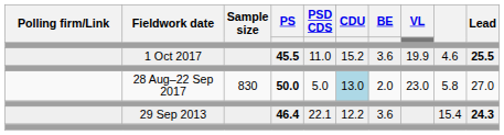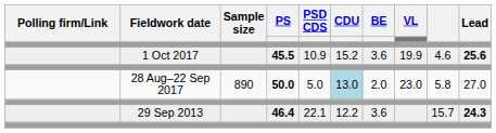 <table class="wikitable collapsible sortable" style="text-align:center; font-size:95%; line-height:16px;">
 <tr style="height:42px;">
 <th style="width:145px;" rowspan="2">Polling firm/Link</th>
 <th style="width:125px;" rowspan="2">Fieldwork date</th>
 <th class="unsortable" style="width:50px;" rowspan="2">Sample size</th>
 <th class="unsortable" style="width:35px;"><a href='#'>PS</a></th>
 <th class="unsortable" style="width:35px;"><a href='#'>PSD</a><br><a href='#'>CDS</a></th>
 <th class="unsortable" style="width:35px;"><a href='#'>CDU</a></th>
 <th class="unsortable" style="width:35px;"><a href='#'>BE</a></th>
 <th class="unsortable" style="width:35px;"><a href='#'>VL</a></th>
 <th class="unsortable" style="width:35px;" rowspan="2"></th>
 <th class="unsortable" style="width:30px;" rowspan="2">Lead</th>
 </tr>
 <tr>
 <th class="unsortable" style="color:inherit;background:"></th>
 <th class="unsortable" style="color:inherit;background:"></th>
 <th class="unsortable" style="color:inherit;background:"></th>
 <th class="unsortable" style="color:inherit;background:"></th>
 <th class="unsortable" style="color:inherit;background:#777777;"></th>
 </tr>
 <tr>
 <td colspan="12" style="background:#A0A0A0"></td>
 </tr>
 <tr style="background:#EFEFEF;">
 <td><strong></strong></td>
 <td data-sort-value="2019-10-06">1 Oct 2017</td>
 <td></td>
 <td><strong>45.5</strong><br></td>
-<td>11.0<br></td>
+<td>10.9<br></td>
 <td>15.2<br></td>
 <td>3.6<br></td>
 <td>19.9<br></td>
 <td>4.6</td>
-<td style="background:"><strong>25.5</strong></td>
+<td style="background:"><strong>25.6</strong></td>
 </tr>
 <tr>
 <td colspan="12" style="background:#A0A0A0"></td>
 </tr>
 <tr>
 <td align="center"></td>
 <td align="center">28 Aug–22 Sep 2017</td>
-<td>830</td>
+<td>890</td>
 <td align="center" ><strong>50.0</strong></td>
 <td align="center">5.0</td>
 <td align="center" style="background: lightblue;">13.0</td>
 <td align="center">2.0</td>
 <td align="center">23.0</td>
 <td align="center">5.8</td>
 <td style="background:">27.0</td>
 </tr>
 <tr>
 <td colspan="12" style="background:#A0A0A0"></td>
 </tr>
 <tr style="background:#EFEFEF;">
 <td><strong></strong></td>
 <td data-sort-value="2019-10-06">29 Sep 2013</td>
 <td></td>
 <td><strong>46.4</strong><br></td>
 <td>22.1<br></td>
 <td>12.2<br></td>
 <td>3.6<br></td>
 <td></td>
-<td>15.4</td>
+<td>15.7</td>
 <td style="background:"><strong>24.3</strong></td>
 </tr>
 <tr>
 <td colspan="12" style="background:#A0A0A0"></td>
 </tr>
 </table>
